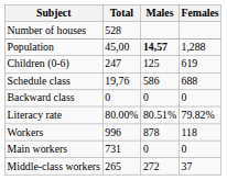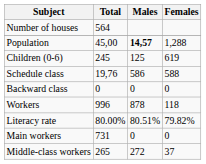 <table class="wikitable" style="text-align:left; hight:70%;">
 <tr>
 <th>Subject</th>
 <th>Total</th>
 <th>Males</th>
 <th>Females</th>
 </tr>
 <tr -bgcolor="#ffcccc">
 <td>Number of houses</td>
-<td>528</td>
+<td>564</td>
 <td></td>
 <td></td>
 </tr>
 <tr>
 </tr>
 <tr -bgcolor="#ccffcc">
 <td>Population</td>
 <td>45,00</td>
 <td><strong>14,57</strong></td>
 <td>1,288</td>
 </tr>
 <tr -bgcolor="#ffcccc">
 <td>Children (0-6)</td>
-<td>247</td>
+<td>245</td>
 <td>125</td>
 <td>619</td>
 </tr>
 <tr -bgcolor="#ccffcc">
 <td>Schedule class</td>
 <td>19,76</td>
 <td>586</td>
-<td>688</td>
+<td>588</td>
 </tr>
 <tr -bgcolor="#ffcccc">
 <td>Backward class</td>
 <td>0</td>
 <td>0</td>
 <td>0</td>
 </tr>
+<tr -bgcolor="#ffcccc">
+<td>Workers</td>
+<td>996</td>
+<td>878</td>
+<td>118</td>
+</tr>
 <tr -bgcolor="#ccffcc">
 <td>Literacy rate</td>
 <td>80.00%</td>
 <td>80.51%</td>
 <td>79.82%</td>
-</tr>
-<tr -bgcolor="#ffcccc">
-<td>Workers</td>
-<td>996</td>
-<td>878</td>
-<td>118</td>
 </tr>
 <tr -bgcolor="#ccffcc">
 <td>Main workers</td>
 <td>731</td>
 <td>0</td>
 <td>0</td>
 </tr>
 <tr -bgcolor="#ffcccc">
 <td>Middle-class workers</td>
 <td>265</td>
 <td>272</td>
 <td>37</td>
 </tr>
 </table>
